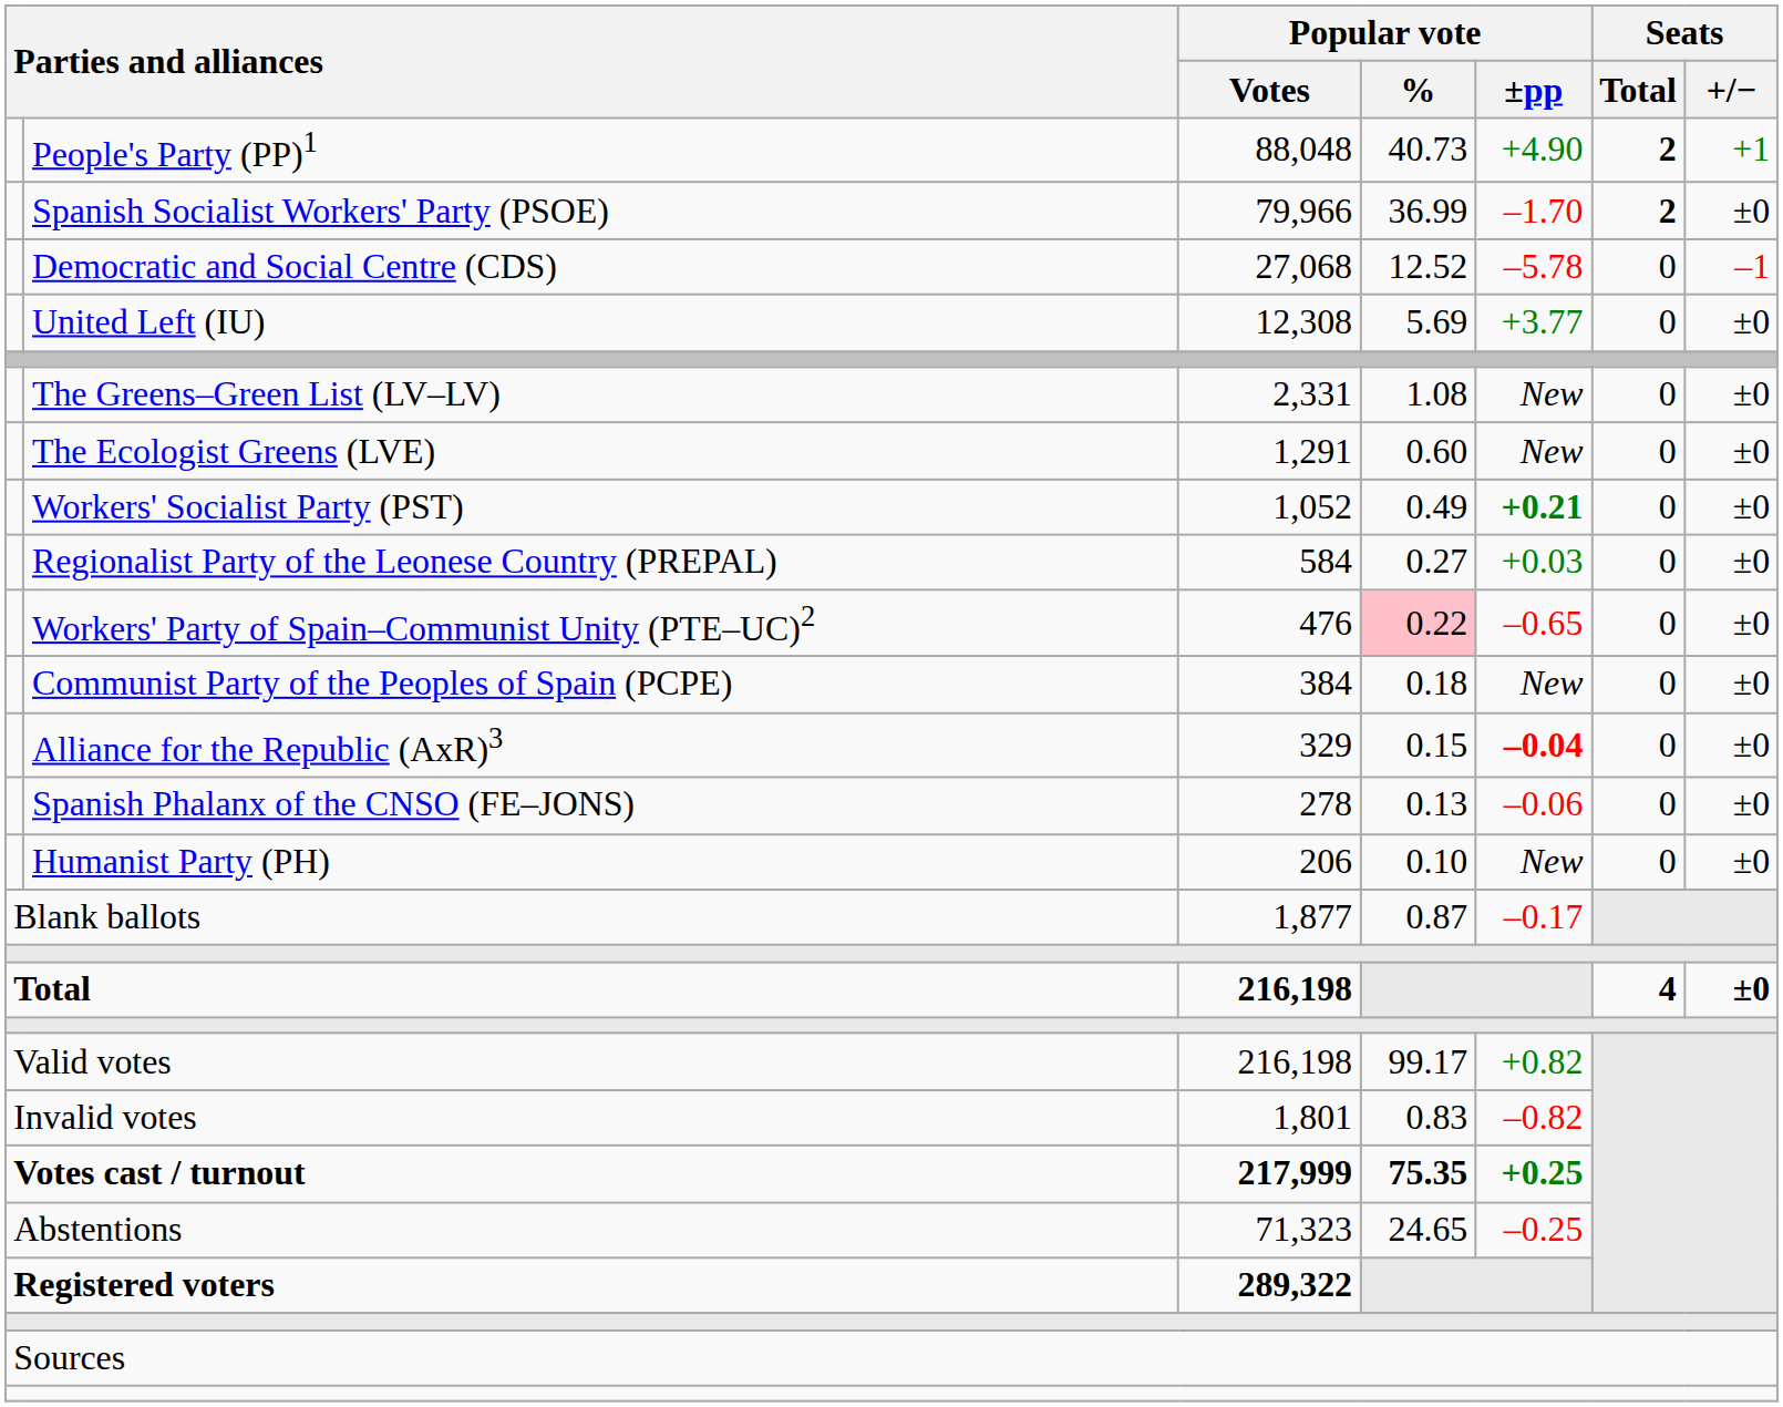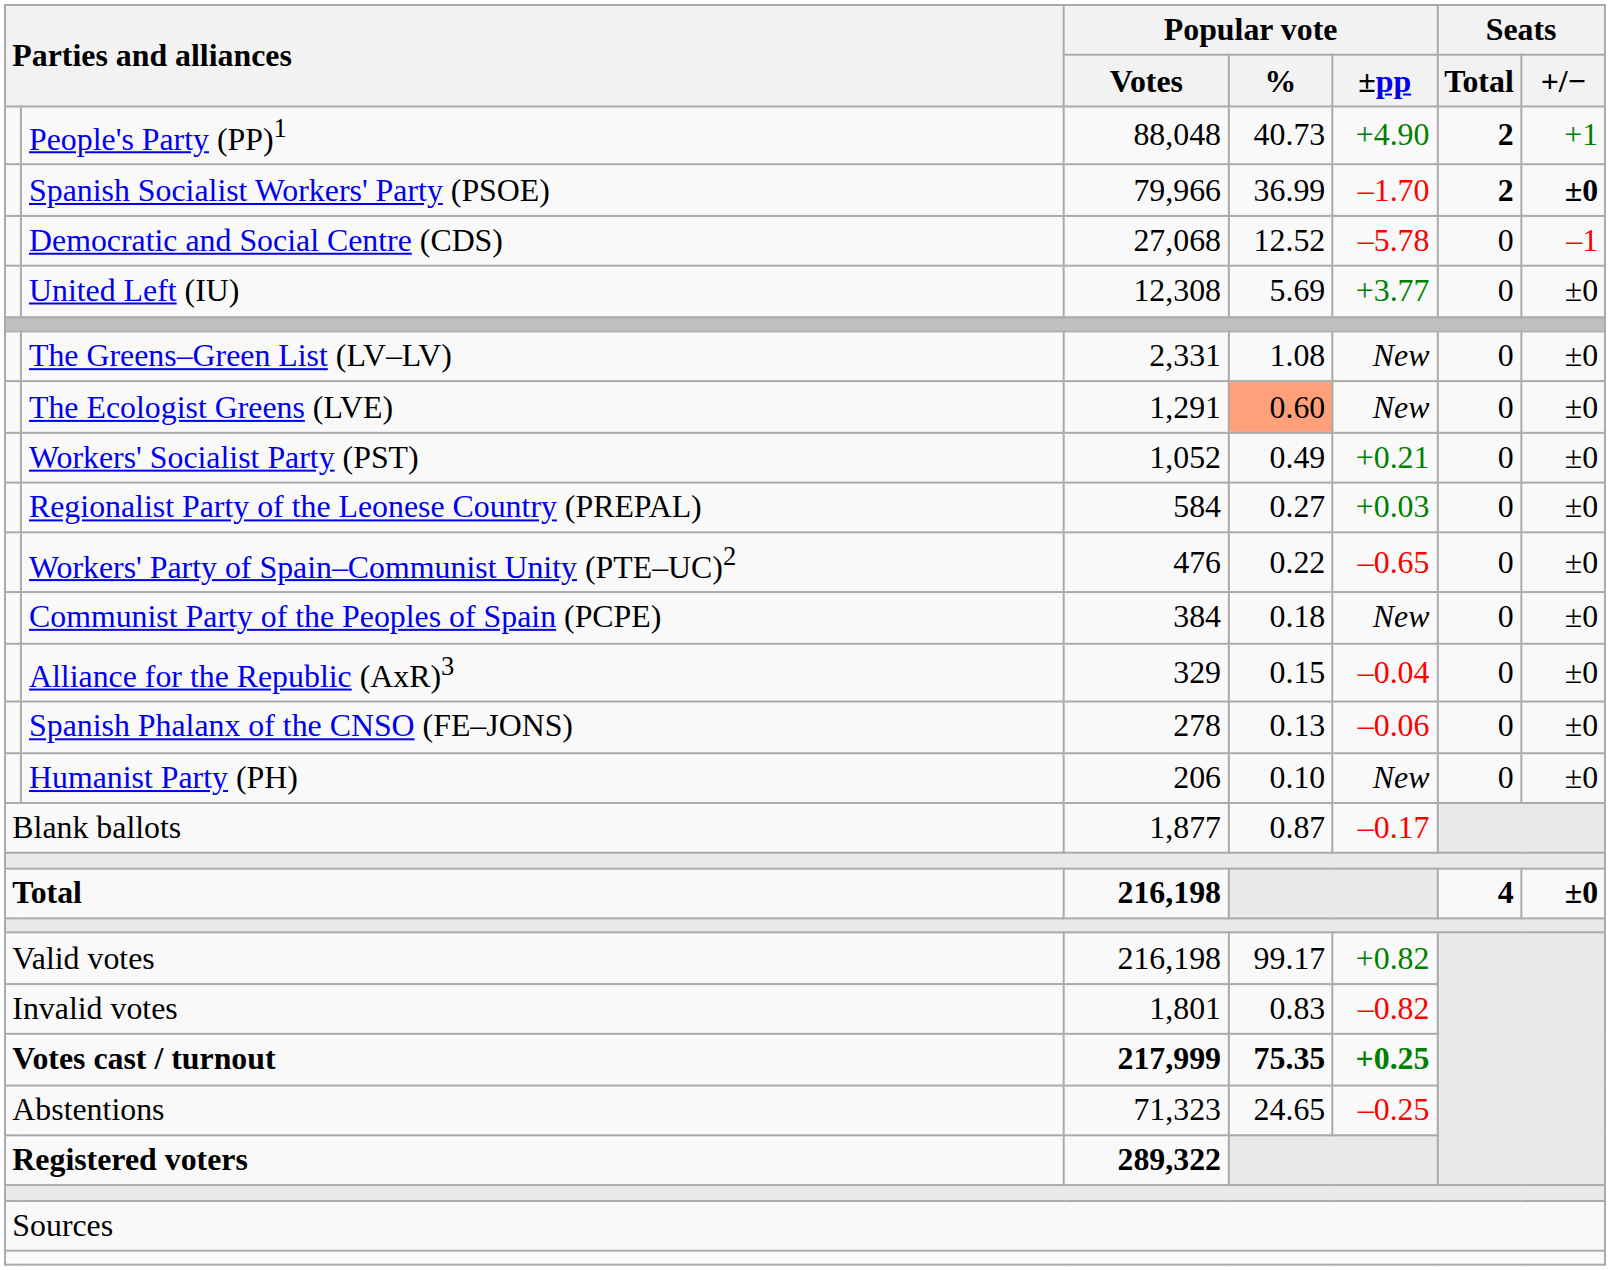 <table class="wikitable" style="text-align:right;">
 <tr>
 <th style="text-align:left;" rowspan="2" colspan="2" width="525">Parties and alliances</th>
 <th colspan="3">Popular vote</th>
 <th colspan="2">Seats</th>
 </tr>
 <tr>
 <th width="75">Votes</th>
 <th width="45">%</th>
 <th width="45">±<a href='#'>pp</a></th>
 <th width="35">Total</th>
 <th width="35">+/−</th>
 </tr>
 <tr>
 <td width="1" style="color:inherit;background:"></td>
 <td align="left"><a href='#'>People's Party</a> (PP)<sup>1</sup></td>
 <td>88,048</td>
 <td>40.73</td>
 <td style="color:green;">+4.90</td>
 <td><strong>2</strong></td>
 <td style="color:green;">+1</td>
 </tr>
 <tr>
 <td style="color:inherit;background:"></td>
 <td align="left"><a href='#'>Spanish Socialist Workers' Party</a> (PSOE)</td>
 <td>79,966</td>
 <td>36.99</td>
 <td style="color:red;">–1.70</td>
 <td><strong>2</strong></td>
-<td>±0</td>
+<td><strong>±0</strong></td>
 </tr>
 <tr>
 <td style="color:inherit;background:"></td>
 <td align="left"><a href='#'>Democratic and Social Centre</a> (CDS)</td>
 <td>27,068</td>
 <td>12.52</td>
 <td style="color:red;">–5.78</td>
 <td>0</td>
 <td style="color:red;">–1</td>
 </tr>
 <tr>
 <td style="color:inherit;background:"></td>
 <td align="left"><a href='#'>United Left</a> (IU)</td>
 <td>12,308</td>
 <td>5.69</td>
 <td style="color:green;">+3.77</td>
 <td>0</td>
 <td>±0</td>
 </tr>
 <tr>
 <td colspan="7" bgcolor="#C0C0C0"></td>
 </tr>
 <tr>
 <td style="color:inherit;background:"></td>
 <td align="left"><a href='#'>The Greens–Green List</a> (LV–LV)</td>
 <td>2,331</td>
 <td>1.08</td>
 <td><em>New</em></td>
 <td>0</td>
 <td>±0</td>
 </tr>
 <tr>
 <td style="color:inherit;background:"></td>
 <td align="left"><a href='#'>The Ecologist Greens</a> (LVE)</td>
 <td>1,291</td>
-<td>0.60</td>
+<td style="background: lightsalmon;">0.60</td>
 <td><em>New</em></td>
 <td>0</td>
 <td>±0</td>
 </tr>
 <tr>
 <td style="color:inherit;background:"></td>
 <td align="left"><a href='#'>Workers' Socialist Party</a> (PST)</td>
 <td>1,052</td>
 <td>0.49</td>
-<td style="color:green;"><strong>+0.21</strong></td>
+<td style="color:green;">+0.21</td>
 <td>0</td>
 <td>±0</td>
 </tr>
 <tr>
 <td style="color:inherit;background:"></td>
 <td align="left"><a href='#'>Regionalist Party of the Leonese Country</a> (PREPAL)</td>
 <td>584</td>
 <td>0.27</td>
 <td style="color:green;">+0.03</td>
 <td>0</td>
 <td>±0</td>
 </tr>
 <tr>
 <td style="color:inherit;background:"></td>
 <td align="left"><a href='#'>Workers' Party of Spain–Communist Unity</a> (PTE–UC)<sup>2</sup></td>
 <td>476</td>
-<td style="background: pink;">0.22</td>
+<td>0.22</td>
 <td style="color:red;">–0.65</td>
 <td>0</td>
 <td>±0</td>
 </tr>
 <tr>
 <td style="color:inherit;background:"></td>
 <td align="left"><a href='#'>Communist Party of the Peoples of Spain</a> (PCPE)</td>
 <td>384</td>
 <td>0.18</td>
 <td><em>New</em></td>
 <td>0</td>
 <td>±0</td>
 </tr>
 <tr>
 <td style="color:inherit;background:"></td>
 <td align="left"><a href='#'>Alliance for the Republic</a> (AxR)<sup>3</sup></td>
 <td>329</td>
 <td>0.15</td>
-<td style="color:red;"><strong>–0.04</strong></td>
+<td style="color:red;">–0.04</td>
 <td>0</td>
 <td>±0</td>
 </tr>
 <tr>
 <td style="color:inherit;background:"></td>
 <td align="left"><a href='#'>Spanish Phalanx of the CNSO</a> (FE–JONS)</td>
 <td>278</td>
 <td>0.13</td>
 <td style="color:red;">–0.06</td>
 <td>0</td>
 <td>±0</td>
 </tr>
 <tr>
 <td style="color:inherit;background:"></td>
 <td align="left"><a href='#'>Humanist Party</a> (PH)</td>
 <td>206</td>
 <td>0.10</td>
 <td><em>New</em></td>
 <td>0</td>
 <td>±0</td>
 </tr>
 <tr>
 <td align="left" colspan="2">Blank ballots</td>
 <td>1,877</td>
 <td>0.87</td>
 <td style="color:red;">–0.17</td>
 <td bgcolor="#E9E9E9" colspan="2"></td>
 </tr>
 <tr>
 <td colspan="7" bgcolor="#E9E9E9"></td>
 </tr>
 <tr style="font-weight:bold;">
 <td align="left" colspan="2">Total</td>
 <td>216,198</td>
 <td bgcolor="#E9E9E9" colspan="2"></td>
 <td>4</td>
 <td>±0</td>
 </tr>
 <tr>
 <td colspan="7" bgcolor="#E9E9E9"></td>
 </tr>
 <tr>
 <td align="left" colspan="2">Valid votes</td>
 <td>216,198</td>
 <td>99.17</td>
 <td style="color:green;">+0.82</td>
 <td bgcolor="#E9E9E9" colspan="2" rowspan="5"></td>
 </tr>
 <tr>
 <td align="left" colspan="2">Invalid votes</td>
 <td>1,801</td>
 <td>0.83</td>
 <td style="color:red;">–0.82</td>
 </tr>
 <tr style="font-weight:bold;">
 <td align="left" colspan="2">Votes cast / turnout</td>
 <td>217,999</td>
 <td>75.35</td>
 <td style="color:green;">+0.25</td>
 </tr>
 <tr>
 <td align="left" colspan="2">Abstentions</td>
 <td>71,323</td>
 <td>24.65</td>
 <td style="color:red;">–0.25</td>
 </tr>
 <tr style="font-weight:bold;">
 <td align="left" colspan="2">Registered voters</td>
 <td>289,322</td>
 <td bgcolor="#E9E9E9" colspan="2"></td>
 </tr>
 <tr>
 <td colspan="7" bgcolor="#E9E9E9"></td>
 </tr>
 <tr>
 <td align="left" colspan="7">Sources</td>
 </tr>
 <tr>
 <td colspan="7" style="text-align:left; max-width:790px;"></td>
 </tr>
 </table>
